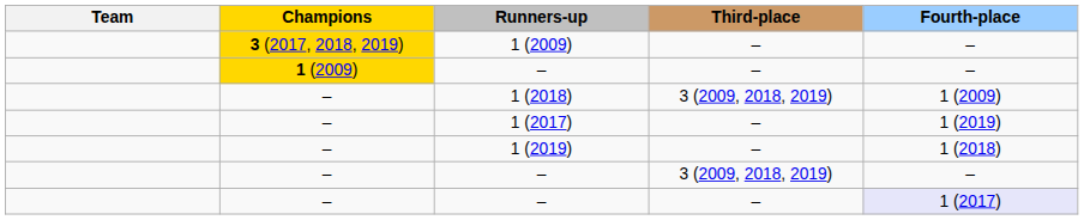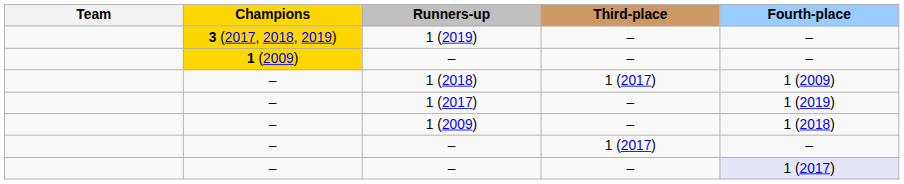 <table class="wikitable" style="border-collapse:collapse; text-align:left;">
 <tr>
 <th width=15%>Team</th>
 <th width=15% style="background:gold;">Champions</th>
 <th width=15% style="background:silver;">Runners-up</th>
 <th width=15% style="background:#cc9966;">Third-place</th>
 <th width=15% style="background:#9acdff;">Fourth-place</th>
 </tr>
 <tr>
 <td></td>
 <td style="background:gold;" align="center"><strong>3</strong> (<a href='#'>2017</a>, <a href='#'>2018</a>, <a href='#'>2019</a>)</td>
-<td align="center">1 (<a href='#'>2009</a>)</td>
+<td align="center">1 (<a href='#'>2019</a>)</td>
 <td align="center">–</td>
 <td align="center">–</td>
 </tr>
 <tr>
 <td></td>
 <td style="background:gold;" align="center"><strong>1</strong> (<a href='#'>2009</a>)</td>
 <td align="center">–</td>
 <td align="center">–</td>
 <td align="center">–</td>
 </tr>
 <tr>
 <td></td>
 <td align="center">–</td>
 <td align="center">1 (<a href='#'>2018</a>)</td>
-<td align="center">3 (<a href='#'>2009</a>, <a href='#'>2018</a>, <a href='#'>2019</a>)</td>
+<td align="center">1 (<a href='#'>2017</a>)</td>
 <td align="center">1 (<a href='#'>2009</a>)</td>
 </tr>
 <tr>
 <td></td>
 <td align="center">–</td>
 <td align="center">1 (<a href='#'>2017</a>)</td>
 <td align="center">–</td>
 <td align="center">1 (<a href='#'>2019</a>)</td>
 </tr>
 <tr>
 <td></td>
 <td align="center">–</td>
-<td align="center">1 (<a href='#'>2019</a>)</td>
+<td align="center">1 (<a href='#'>2009</a>)</td>
 <td align="center">–</td>
 <td align="center">1 (<a href='#'>2018</a>)</td>
 </tr>
 <tr>
 <td></td>
 <td align="center">–</td>
 <td align="center">–</td>
-<td align="center">3 (<a href='#'>2009</a>, <a href='#'>2018</a>, <a href='#'>2019</a>)</td>
+<td align="center">1 (<a href='#'>2017</a>)</td>
 <td align="center">–</td>
 </tr>
 <tr>
 <td></td>
 <td align="center">–</td>
 <td align="center">–</td>
 <td align="center">–</td>
 <td align="center" style="background: lavender;">1 (<a href='#'>2017</a>)</td>
 </tr>
 </table>
